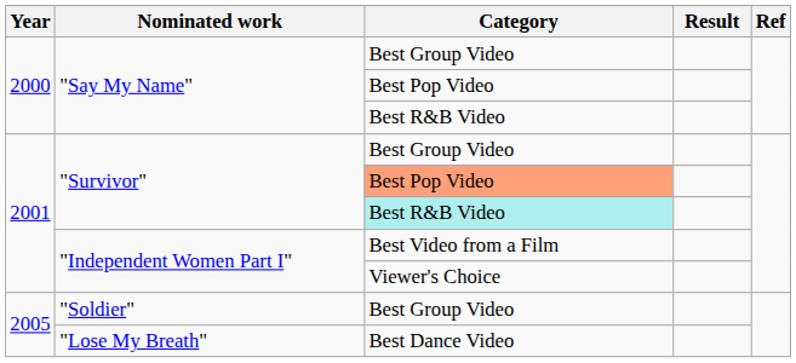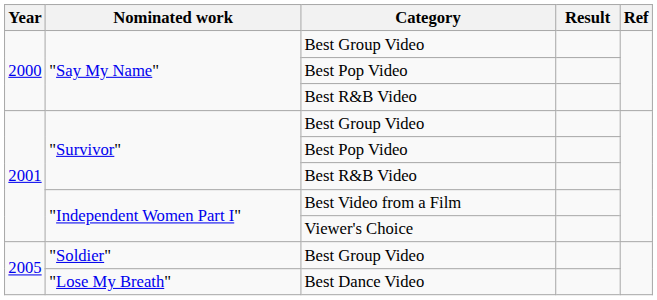 <table class="wikitable" width="100%">
 <tr>
 <th width="5%">Year</th>
 <th width="40%">Nominated work</th>
 <th width="40%">Category</th>
 <th width="10%">Result</th>
 <th width="5%">Ref</th>
 </tr>
 <tr>
 <td rowspan="3"><a href='#'>2000</a></td>
 <td rowspan="3">"<a href='#'>Say My Name</a>"</td>
 <td>Best Group Video</td>
 <td></td>
 <td rowspan="3"></td>
 </tr>
 <tr>
 <td>Best Pop Video</td>
 <td></td>
 </tr>
 <tr>
 <td>Best R&B Video</td>
 <td></td>
 </tr>
 <tr>
 <td rowspan="5"><a href='#'>2001</a></td>
 <td rowspan="3">"<a href='#'>Survivor</a>"</td>
 <td>Best Group Video</td>
 <td></td>
 <td rowspan="5"></td>
 </tr>
 <tr>
-<td style="background: lightsalmon;">Best Pop Video</td>
+<td>Best Pop Video</td>
 <td></td>
 </tr>
 <tr>
-<td style="background: paleturquoise;">Best R&B Video</td>
+<td>Best R&B Video</td>
 <td></td>
 </tr>
 <tr>
 <td rowspan="2">"<a href='#'>Independent Women Part I</a>"</td>
 <td>Best Video from a Film</td>
 <td></td>
 </tr>
 <tr>
 <td>Viewer's Choice</td>
 <td></td>
 </tr>
 <tr>
 <td rowspan="2"><a href='#'>2005</a></td>
 <td>"<a href='#'>Soldier</a>"</td>
 <td>Best Group Video</td>
 <td></td>
 <td rowspan="2"></td>
 </tr>
 <tr>
 <td>"<a href='#'>Lose My Breath</a>"</td>
 <td>Best Dance Video</td>
 <td></td>
 </tr>
 </table>
